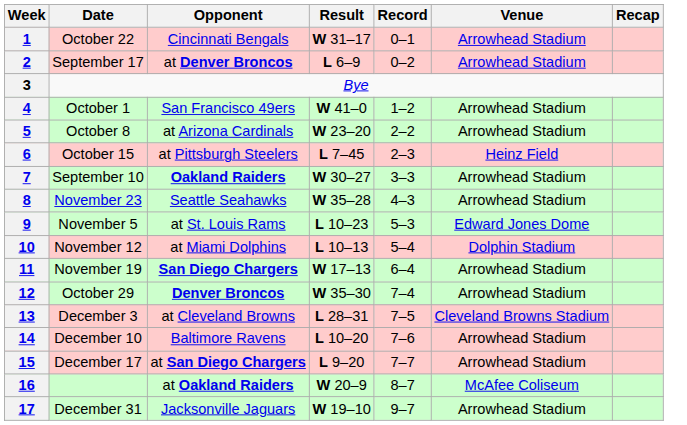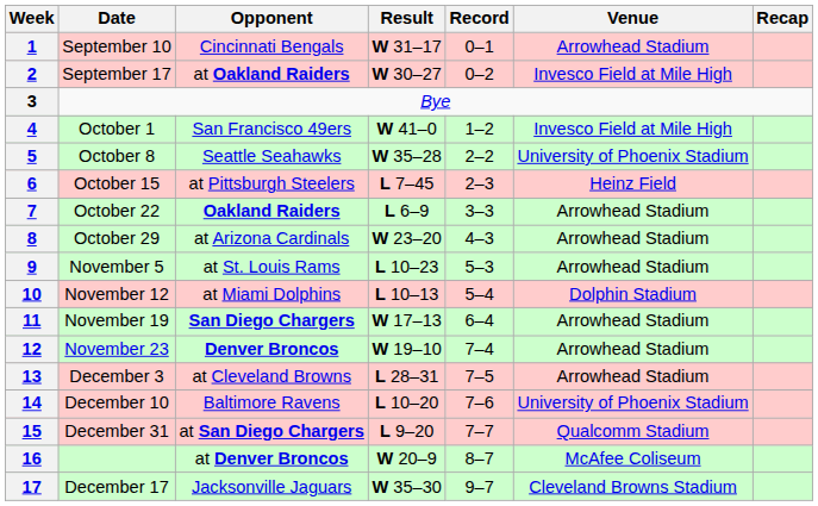 <table class="wikitable" style="text-align:center">
 <tr>
 <th>Week</th>
 <th>Date</th>
 <th>Opponent</th>
 <th>Result</th>
 <th>Record</th>
 <th>Venue</th>
 <th>Recap</th>
 </tr>
 <tr style="background:#fcc">
 <th><a href='#'>1</a></th>
-<td>October 22</td>
+<td>September 10</td>
 <td><a href='#'>Cincinnati Bengals</a></td>
 <td><strong>W</strong> 31–17</td>
 <td>0–1</td>
 <td><a href='#'>Arrowhead Stadium</a></td>
 <td></td>
 </tr>
 <tr style="background:#fcc">
 <th><a href='#'>2</a></th>
 <td>September 17</td>
-<td>at <strong><a href='#'>Denver Broncos</a></strong></td>
-<td><strong>L</strong> 6–9  </td>
+<td>at <strong><a href='#'>Oakland Raiders</a></strong></td>
+<td><strong>W</strong> 30–27</td>
 <td>0–2</td>
-<td><a href='#'>Arrowhead Stadium</a></td>
+<td><a href='#'>Invesco Field at Mile High</a></td>
 <td></td>
 </tr>
 <tr>
 <th>3</th>
 <td colspan="6"><em><a href='#'>Bye</a></em></td>
 </tr>
 <tr style="background:#cfc">
 <th><a href='#'>4</a></th>
 <td>October 1</td>
 <td><a href='#'>San Francisco 49ers</a></td>
 <td><strong>W</strong> 41–0</td>
 <td>1–2</td>
-<td>Arrowhead Stadium</td>
+<td><a href='#'>Invesco Field at Mile High</a></td>
 <td></td>
 </tr>
 <tr style="background:#cfc">
 <th><a href='#'>5</a></th>
 <td>October 8</td>
-<td>at <a href='#'>Arizona Cardinals</a></td>
-<td><strong>W</strong> 23–20</td>
+<td><a href='#'>Seattle Seahawks</a></td>
+<td><strong>W</strong> 35–28</td>
 <td>2–2</td>
-<td>Arrowhead Stadium</td>
+<td><a href='#'>University of Phoenix Stadium</a></td>
 <td></td>
 </tr>
 <tr style="background:#fcc">
 <th><a href='#'>6</a></th>
 <td>October 15</td>
 <td>at <a href='#'>Pittsburgh Steelers</a></td>
 <td><strong>L</strong> 7–45</td>
 <td>2–3</td>
 <td><a href='#'>Heinz Field</a></td>
 <td></td>
 </tr>
 <tr style="background:#cfc">
 <th><a href='#'>7</a></th>
-<td>September 10</td>
+<td>October 22</td>
 <td><strong><a href='#'>Oakland Raiders</a></strong></td>
-<td><strong>W</strong> 30–27</td>
+<td><strong>L</strong> 6–9  </td>
 <td>3–3</td>
 <td>Arrowhead Stadium</td>
 <td></td>
 </tr>
 <tr style="background:#cfc">
 <th><a href='#'>8</a></th>
-<td><a href='#'>November 23</a></td>
-<td><a href='#'>Seattle Seahawks</a></td>
-<td><strong>W</strong> 35–28</td>
+<td>October 29</td>
+<td>at <a href='#'>Arizona Cardinals</a></td>
+<td><strong>W</strong> 23–20</td>
 <td>4–3</td>
 <td>Arrowhead Stadium</td>
 <td></td>
 </tr>
 <tr style="background:#cfc">
 <th><a href='#'>9</a></th>
 <td>November 5</td>
 <td>at <a href='#'>St. Louis Rams</a></td>
 <td><strong>L</strong> 10–23</td>
 <td>5–3</td>
-<td><a href='#'>Edward Jones Dome</a></td>
+<td>Arrowhead Stadium</td>
 <td></td>
 </tr>
 <tr style="background:#fcc">
 <th><a href='#'>10</a></th>
 <td>November 12</td>
 <td>at <a href='#'>Miami Dolphins</a></td>
 <td><strong>L</strong> 10–13</td>
 <td>5–4</td>
 <td><a href='#'>Dolphin Stadium</a></td>
 <td></td>
 </tr>
 <tr style="background:#cfc">
 <th><a href='#'>11</a></th>
 <td>November 19</td>
 <td><strong><a href='#'>San Diego Chargers</a></strong></td>
 <td><strong>W</strong> 17–13</td>
 <td>6–4</td>
 <td>Arrowhead Stadium</td>
 <td></td>
 </tr>
 <tr style="background:#cfc">
 <th><a href='#'>12</a></th>
-<td>October 29</td>
+<td><a href='#'>November 23</a></td>
 <td><strong><a href='#'>Denver Broncos</a></strong></td>
-<td><strong>W</strong> 35–30</td>
+<td><strong>W</strong> 19–10</td>
 <td>7–4</td>
 <td>Arrowhead Stadium</td>
 <td></td>
 </tr>
 <tr style="background:#fcc">
 <th><a href='#'>13</a></th>
 <td>December 3</td>
 <td>at <a href='#'>Cleveland Browns</a></td>
 <td><strong>L</strong> 28–31 </td>
 <td>7–5</td>
-<td><a href='#'>Cleveland Browns Stadium</a></td>
+<td>Arrowhead Stadium</td>
 <td></td>
 </tr>
 <tr style="background:#fcc">
 <th><a href='#'>14</a></th>
 <td>December 10</td>
 <td><a href='#'>Baltimore Ravens</a></td>
 <td><strong>L</strong> 10–20</td>
 <td>7–6</td>
-<td>Arrowhead Stadium</td>
+<td><a href='#'>University of Phoenix Stadium</a></td>
 <td></td>
 </tr>
 <tr style="background:#fcc">
 <th><a href='#'>15</a></th>
-<td>December 17</td>
+<td>December 31</td>
 <td>at <strong><a href='#'>San Diego Chargers</a></strong></td>
 <td><strong>L</strong> 9–20</td>
 <td>7–7</td>
-<td>Arrowhead Stadium</td>
+<td><a href='#'>Qualcomm Stadium</a></td>
 <td></td>
 </tr>
 <tr style="background:#cfc">
 <th><a href='#'>16</a></th>
 <td></td>
-<td>at <strong><a href='#'>Oakland Raiders</a></strong></td>
+<td>at <strong><a href='#'>Denver Broncos</a></strong></td>
 <td><strong>W</strong> 20–9</td>
 <td>8–7</td>
 <td><a href='#'>McAfee Coliseum</a></td>
 <td></td>
 </tr>
 <tr style="background:#cfc">
 <th><a href='#'>17</a></th>
-<td>December 31</td>
+<td>December 17</td>
 <td><a href='#'>Jacksonville Jaguars</a></td>
-<td><strong>W</strong> 19–10</td>
+<td><strong>W</strong> 35–30</td>
 <td>9–7</td>
-<td>Arrowhead Stadium</td>
+<td><a href='#'>Cleveland Browns Stadium</a></td>
 <td></td>
 </tr>
 </table>
